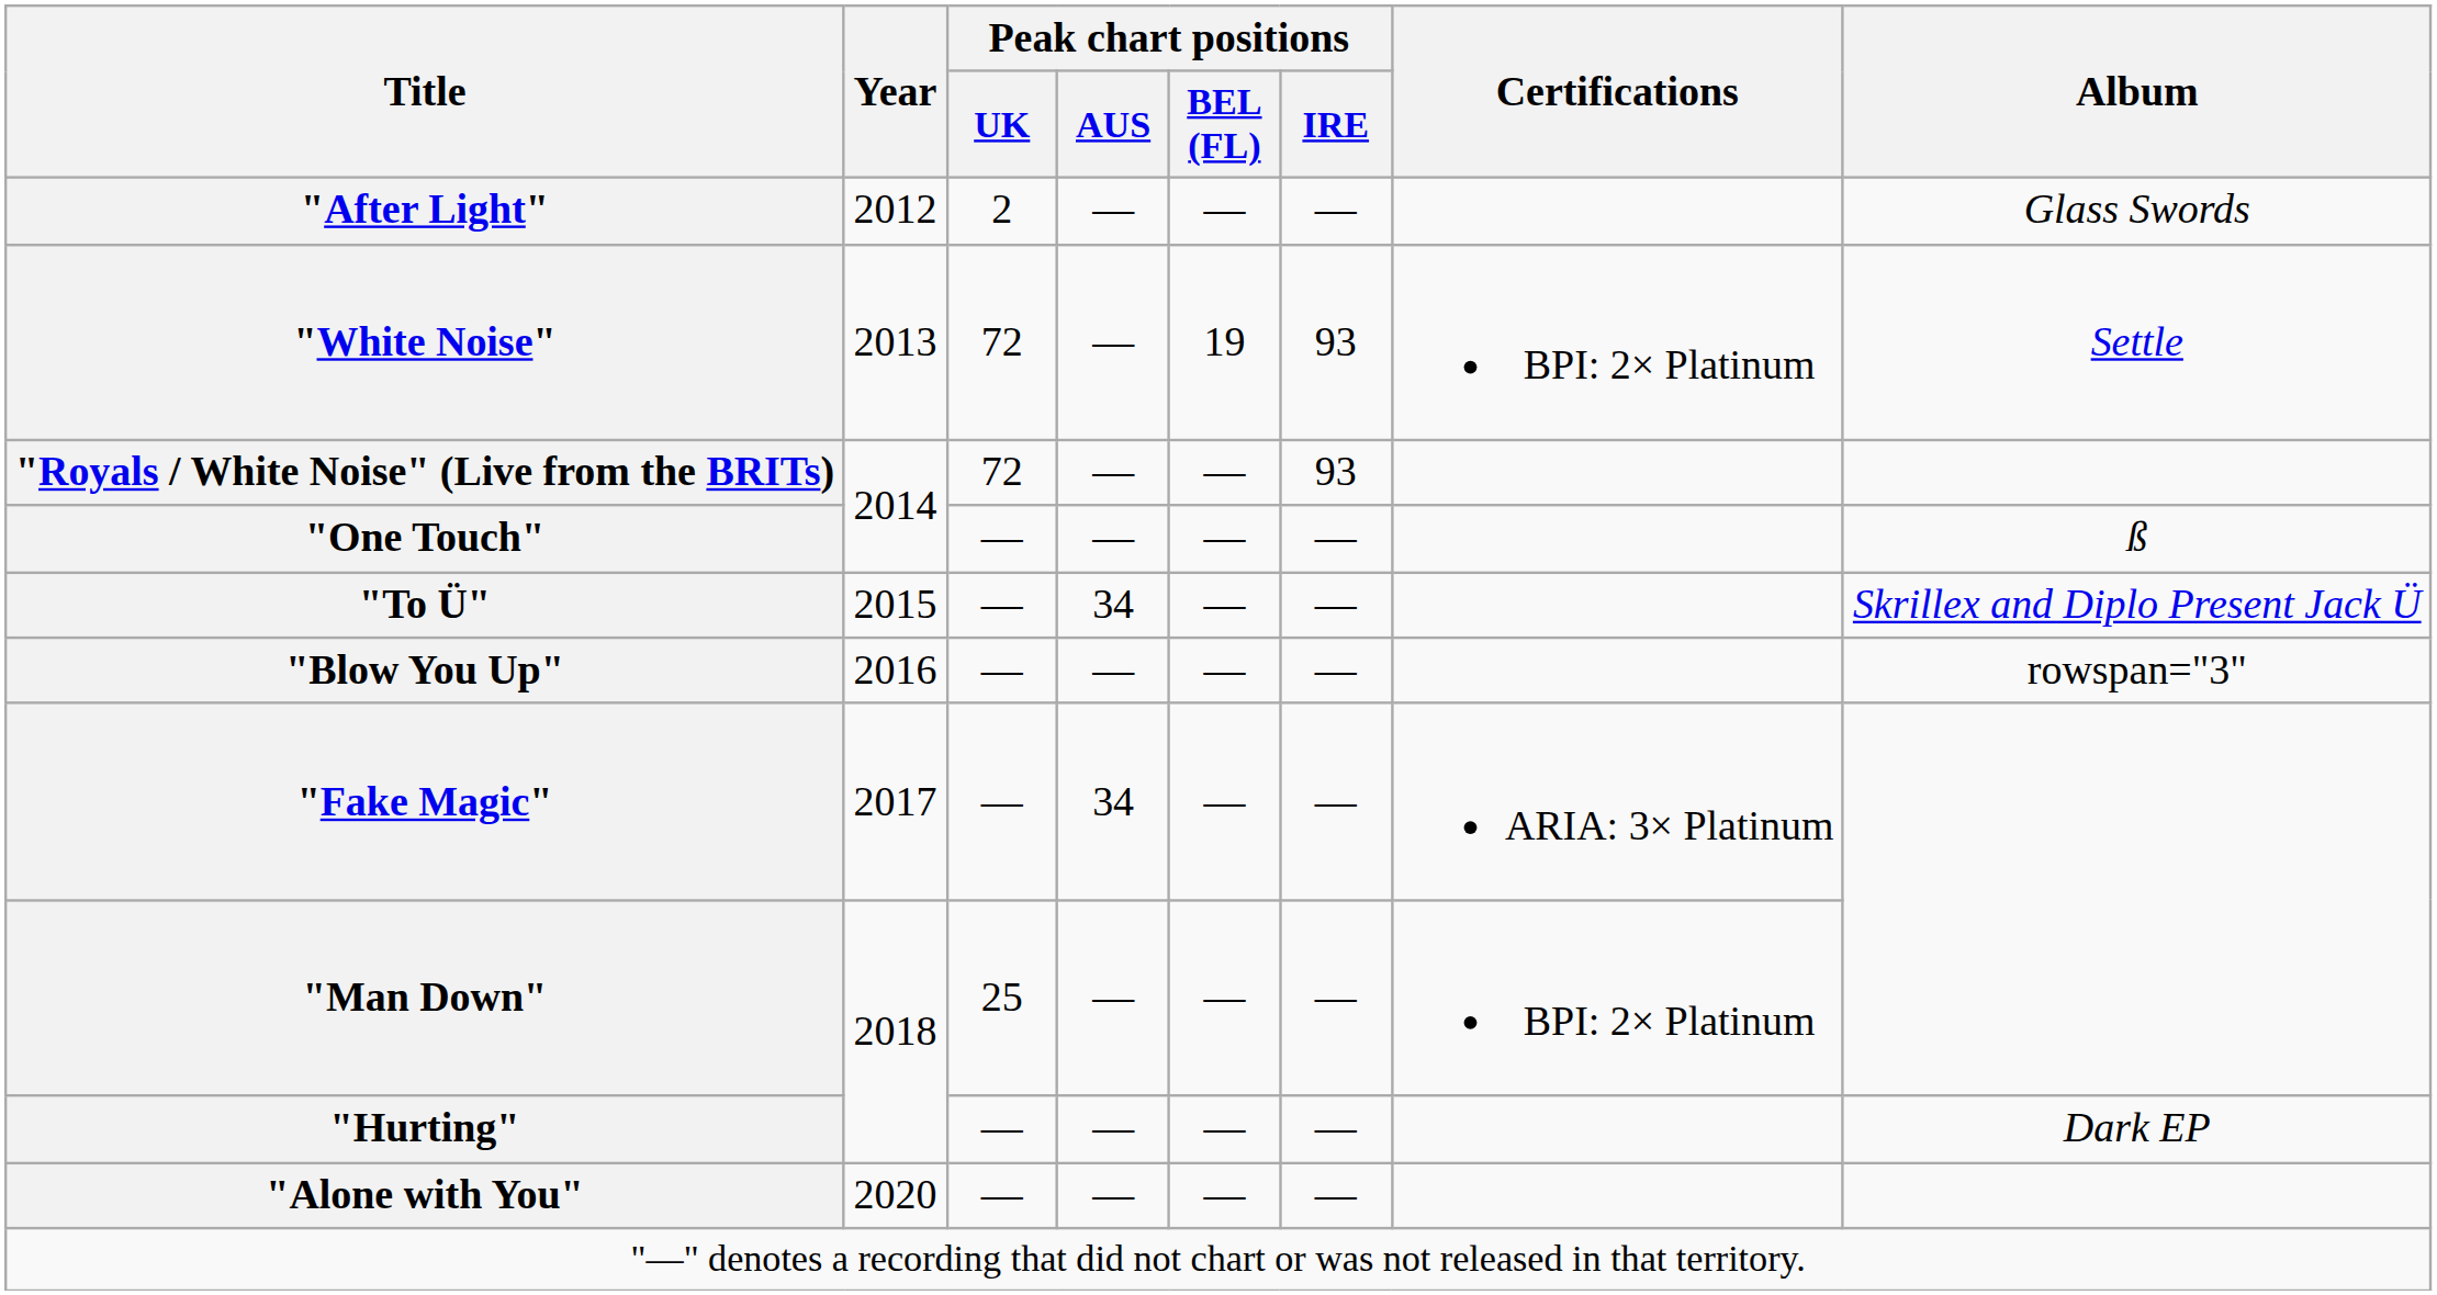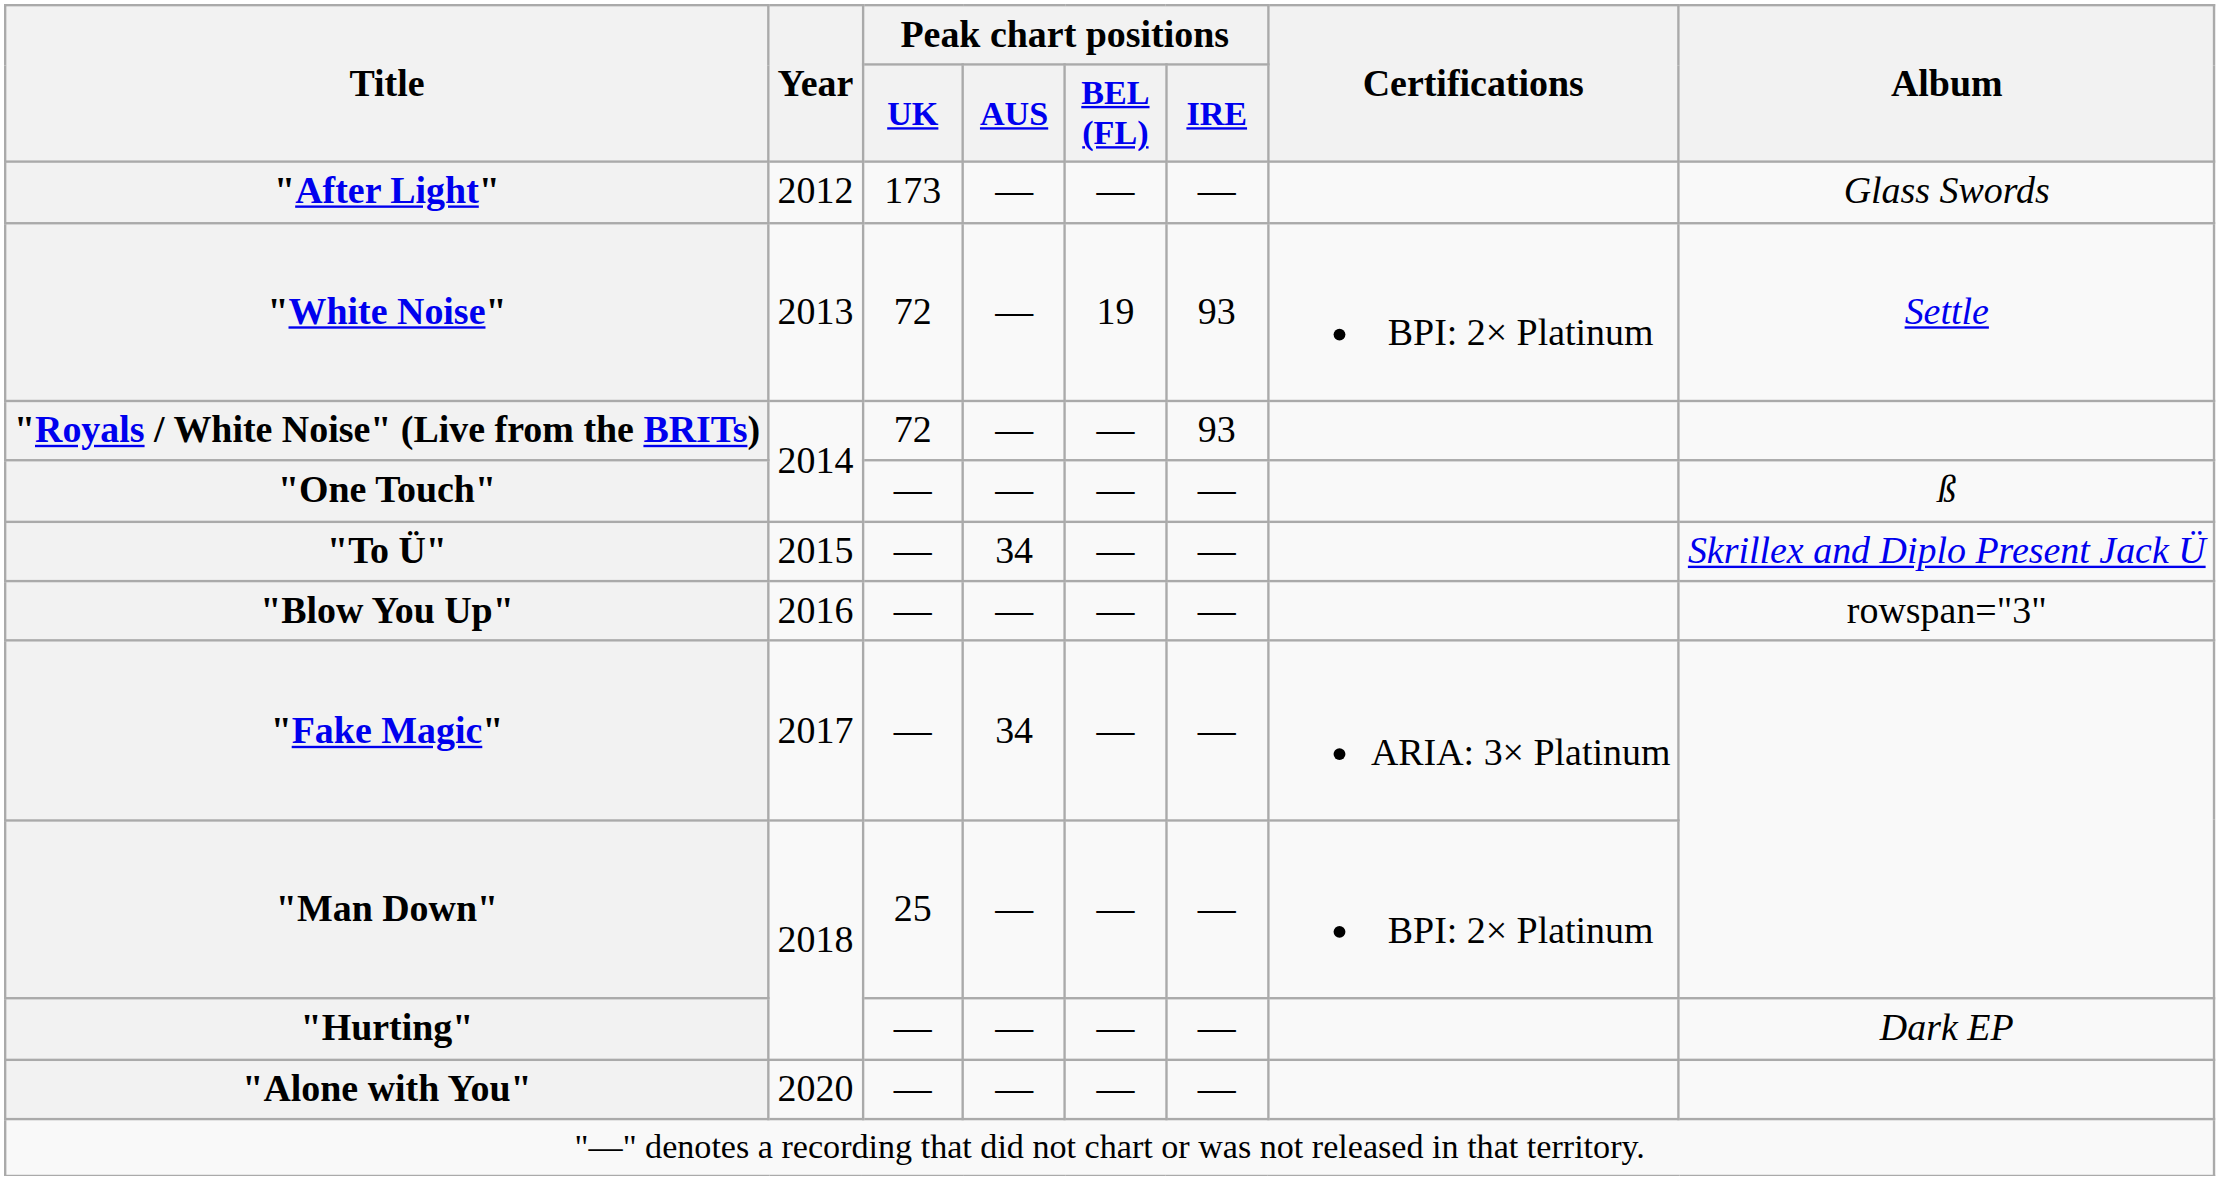 <table class="wikitable plainrowheaders" style="text-align:center;">
 <tr>
 <th scope="col" rowspan="2">Title</th>
 <th scope="col" rowspan="2">Year</th>
 <th scope="col" colspan="4">Peak chart positions</th>
 <th rowspan="2">Certifications</th>
 <th scope="col" rowspan="2">Album</th>
 </tr>
 <tr>
 <th scope="col" style="width:2.5em;font-size:90%;"><a href='#'>UK</a><br></th>
 <th scope="col" style="width:2.5em;font-size:90%;"><a href='#'>AUS</a><br></th>
 <th scope="col" style="width:2.5em;font-size:90%;"><a href='#'>BEL<br>(FL)</a><br></th>
 <th scope="col" style="width:2.5em;font-size:90%;"><a href='#'>IRE</a><br></th>
 </tr>
 <tr>
 <th scope="row">"<a href='#'>After Light</a>" <br> </th>
 <td>2012</td>
-<td>2</td>
+<td>173</td>
 <td>—</td>
 <td>—</td>
 <td>—</td>
 <td></td>
 <td><em>Glass Swords</em></td>
 </tr>
 <tr>
 <th scope="row">"<a href='#'>White Noise</a>" <br> </th>
 <td>2013</td>
 <td>72</td>
 <td>—</td>
 <td>19</td>
 <td>93</td>
 <td><br><ul><li>BPI: 2× Platinum</li></ul></td>
 <td><em><a href='#'>Settle</a></em></td>
 </tr>
 <tr>
 <th scope="row">"<a href='#'>Royals</a> / White Noise" (Live from the <a href='#'>BRITs</a>) <br> </th>
 <td rowspan="2">2014</td>
 <td>72</td>
 <td>—</td>
 <td>—</td>
 <td>93</td>
 <td></td>
 <td></td>
 </tr>
 <tr>
 <th scope="row">"One Touch"<br></th>
 <td>—</td>
 <td>—</td>
 <td>—</td>
 <td>—</td>
 <td></td>
 <td><em>ß</em></td>
 </tr>
 <tr>
 <th scope="row">"To Ü" <br> </th>
 <td>2015</td>
 <td>—</td>
 <td>34</td>
 <td>—</td>
 <td>—</td>
 <td></td>
 <td><em><a href='#'>Skrillex and Diplo Present Jack Ü</a></em></td>
 </tr>
 <tr>
 <th scope="row">"Blow You Up" <br> </th>
 <td>2016</td>
 <td>—</td>
 <td>—</td>
 <td>—</td>
 <td>—</td>
 <td></td>
 <td>rowspan="3" </td>
 </tr>
 <tr>
 <th scope="row">"<a href='#'>Fake Magic</a>" <br> </th>
 <td>2017</td>
 <td>—</td>
 <td>34</td>
 <td>—</td>
 <td>—</td>
 <td><br><ul><li>ARIA: 3× Platinum</li></ul></td>
 </tr>
 <tr>
 <th scope="row">"Man Down" <br> </th>
 <td rowspan="2">2018</td>
 <td>25</td>
 <td>—</td>
 <td>—</td>
 <td>—</td>
 <td><br><ul><li>BPI: 2× Platinum</li></ul></td>
 </tr>
 <tr>
 <th scope="row">"Hurting" <br></th>
 <td>—</td>
 <td>—</td>
 <td>—</td>
 <td>—</td>
 <td></td>
 <td><em>Dark EP</em></td>
 </tr>
 <tr>
 <th scope="row">"Alone with You" <br></th>
 <td>2020</td>
 <td>—</td>
 <td>—</td>
 <td>—</td>
 <td>—</td>
 <td></td>
 <td></td>
 </tr>
 <tr>
 <td colspan="8" style="font-size:90%">"—" denotes a recording that did not chart or was not released in that territory.</td>
 </tr>
 </table>
